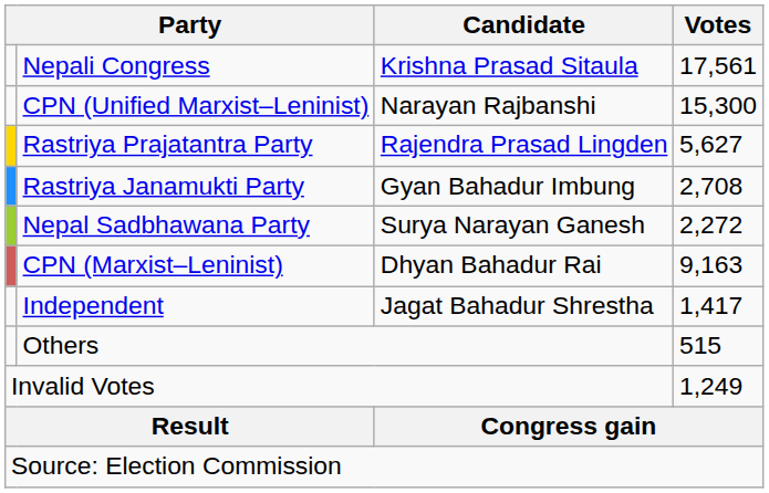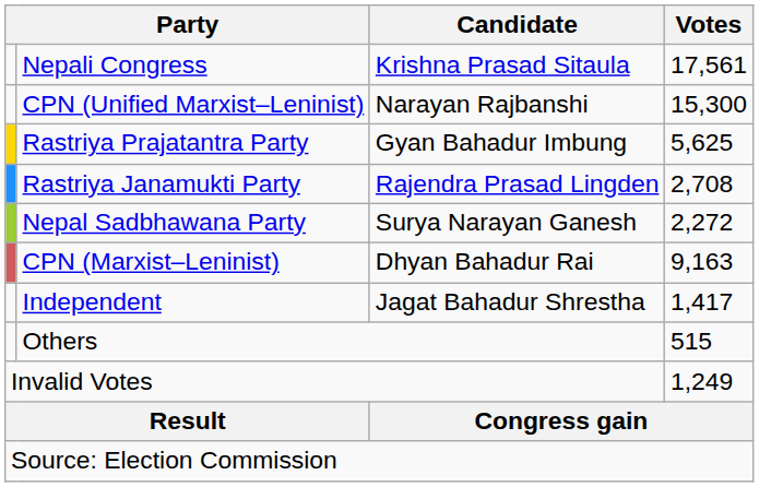 <table class="wikitable">
 <tr>
 <th colspan="2">Party</th>
 <th>Candidate</th>
 <th>Votes</th>
 </tr>
 <tr>
 <td style="background-color:"></td>
 <td><a href='#'>Nepali Congress</a></td>
 <td><a href='#'>Krishna Prasad Sitaula</a></td>
 <td>17,561</td>
 </tr>
 <tr>
 <td style="background-color:"></td>
 <td><a href='#'>CPN (Unified Marxist–Leninist)</a></td>
 <td>Narayan Rajbanshi</td>
 <td>15,300</td>
 </tr>
 <tr>
 <td style="background-color:gold"></td>
 <td><a href='#'>Rastriya Prajatantra Party</a></td>
-<td><a href='#'>Rajendra Prasad Lingden</a></td>
-<td>5,627</td>
+<td>Gyan Bahadur Imbung</td>
+<td>5,625</td>
 </tr>
 <tr>
 <td style="background-color:dodgerblue"></td>
 <td><a href='#'>Rastriya Janamukti Party</a></td>
-<td>Gyan Bahadur Imbung</td>
+<td><a href='#'>Rajendra Prasad Lingden</a></td>
 <td>2,708</td>
 </tr>
 <tr>
 <td style="background-color:yellowgreen"></td>
 <td><a href='#'>Nepal Sadbhawana Party</a></td>
 <td>Surya Narayan Ganesh</td>
 <td>2,272</td>
 </tr>
 <tr>
 <td style="background-color:indianred"></td>
 <td><a href='#'>CPN (Marxist–Leninist)</a></td>
 <td>Dhyan Bahadur Rai</td>
 <td>9,163</td>
 </tr>
 <tr>
 <td style="background-color:"></td>
 <td><a href='#'>Independent</a></td>
 <td>Jagat Bahadur Shrestha</td>
 <td>1,417</td>
 </tr>
 <tr>
 <td></td>
 <td colspan="2">Others</td>
 <td>515</td>
 </tr>
 <tr>
 <td colspan="3">Invalid Votes</td>
 <td>1,249</td>
 </tr>
 <tr>
 <th colspan="2">Result</th>
 <th colspan="2">Congress gain</th>
 </tr>
 <tr>
 <td colspan="4">Source: Election Commission</td>
 </tr>
 </table>
